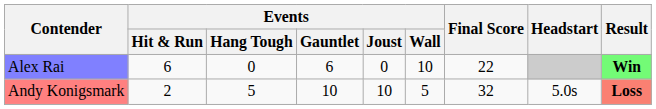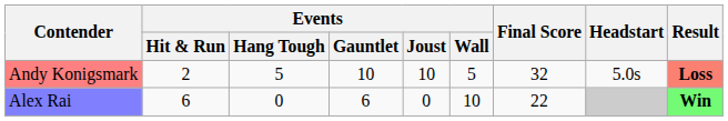 <table class="wikitable" style="text-align:center;">
 <tr>
 <th rowspan=2>Contender</th>
 <th colspan=5>Events</th>
 <th rowspan=2>Final Score</th>
 <th rowspan=2>Headstart</th>
 <th rowspan=2>Result</th>
 </tr>
 <tr>
 <th>Hit & Run</th>
 <th>Hang Tough</th>
 <th>Gauntlet</th>
 <th>Joust</th>
 <th>Wall</th>
 </tr>
 <tr>
+<td bgcolor=#ff8080 style="text-align:left;">Andy Konigsmark</td>
+<td>2</td>
+<td>5</td>
+<td>10</td>
+<td>10</td>
+<td>5</td>
+<td>32</td>
+<td>5.0s</td>
+<td style="text-align:center; background:salmon;"><strong>Loss</strong></td>
+</tr>
+<tr>
 <td bgcolor=#8080ff style="text-align:left;">Alex Rai</td>
 <td>6</td>
 <td>0</td>
 <td>6</td>
 <td>0</td>
 <td>10</td>
 <td>22</td>
 <td style="background:#ccc"></td>
 <td style="text-align:center; background:#73fb76;"><strong>Win</strong></td>
 </tr>
-<tr>
-<td bgcolor=#ff8080 style="text-align:left;">Andy Konigsmark</td>
-<td>2</td>
-<td>5</td>
-<td>10</td>
-<td>10</td>
-<td>5</td>
-<td>32</td>
-<td>5.0s</td>
-<td style="text-align:center; background:salmon;"><strong>Loss</strong></td>
-</tr>
 </table>
